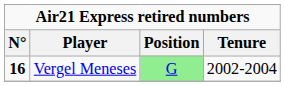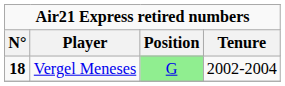 <table class="wikitable" style="text-align:center">
 <tr>
 <td colspan="4" style="background: #"><strong>Air21 Express retired numbers</strong></td>
 </tr>
 <tr>
 <th style="background: #">N°</th>
 <th style="background: #">Player</th>
 <th style="background: #">Position</th>
 <th style="background: #">Tenure</th>
 </tr>
 <tr>
-<td><strong>16</strong></td>
+<td><strong>18</strong></td>
 <td><a href='#'>Vergel Meneses</a></td>
 <td style="background: lightgreen;"><a href='#'>G</a></td>
 <td>2002-2004</td>
 </tr>
 <tr>
 </tr>
 </table>
